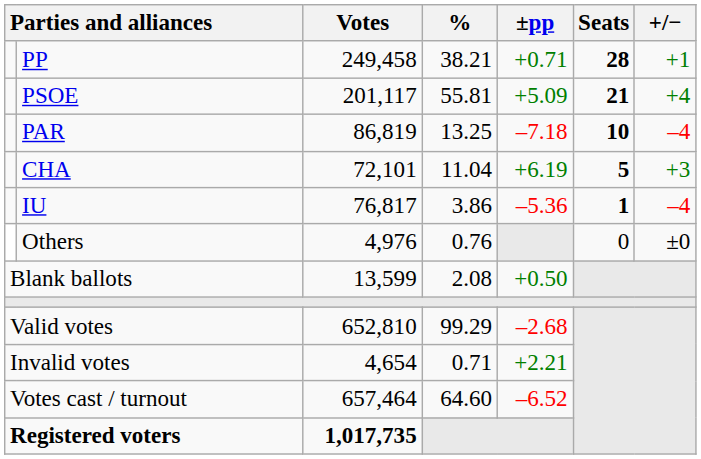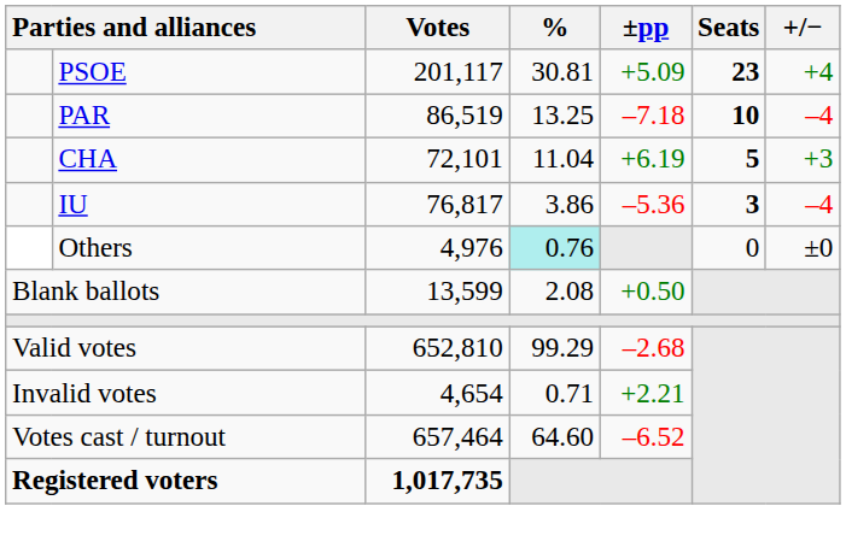 <table class="wikitable" style="text-align:right;">
 <tr>
 <th style="text-align:left;" colspan="2" width="200">Parties and alliances</th>
 <th width="75">Votes</th>
 <th width="45">%</th>
 <th width="45">±<a href='#'>pp</a></th>
 <th width="35">Seats</th>
 <th width="35">+/−</th>
 </tr>
 <tr>
-<td width="1" style="color:inherit;background:"></td>
-<td align="left"><a href='#'>PP</a></td>
-<td>249,458</td>
-<td>38.21</td>
-<td style="color:green;">+0.71</td>
-<td><strong>28</strong></td>
-<td style="color:green;">+1</td>
-</tr>
-<tr>
 <td style="color:inherit;background:"></td>
 <td align="left"><a href='#'>PSOE</a></td>
 <td>201,117</td>
-<td>55.81</td>
+<td>30.81</td>
 <td style="color:green;">+5.09</td>
-<td><strong>21</strong></td>
+<td><strong>23</strong></td>
 <td style="color:green;">+4</td>
 </tr>
 <tr>
 <td style="color:inherit;background:"></td>
 <td align="left"><a href='#'>PAR</a></td>
-<td>86,819</td>
+<td>86,519</td>
 <td>13.25</td>
 <td style="color:red;">–7.18</td>
 <td><strong>10</strong></td>
 <td style="color:red;">–4</td>
 </tr>
 <tr>
 <td style="color:inherit;background:"></td>
 <td align="left"><a href='#'>CHA</a></td>
 <td>72,101</td>
 <td>11.04</td>
 <td style="color:green;">+6.19</td>
 <td><strong>5</strong></td>
 <td style="color:green;">+3</td>
 </tr>
 <tr>
 <td style="color:inherit;background:"></td>
 <td align="left"><a href='#'>IU</a></td>
 <td>76,817</td>
 <td>3.86</td>
 <td style="color:red;">–5.36</td>
-<td><strong>1</strong></td>
+<td><strong>3</strong></td>
 <td style="color:red;">–4</td>
 </tr>
 <tr>
 <td bgcolor="white"></td>
 <td align="left">Others</td>
 <td>4,976</td>
-<td>0.76</td>
+<td style="background: paleturquoise;">0.76</td>
 <td bgcolor="#E9E9E9"></td>
 <td>0</td>
 <td>±0</td>
 </tr>
 <tr>
 <td align="left" colspan="2">Blank ballots</td>
 <td>13,599</td>
 <td>2.08</td>
 <td style="color:green;">+0.50</td>
 <td bgcolor="#E9E9E9" colspan="2"></td>
 </tr>
 <tr>
 <td colspan="7" bgcolor="#E9E9E9"></td>
 </tr>
 <tr>
 <td align="left" colspan="2">Valid votes</td>
 <td>652,810</td>
 <td>99.29</td>
 <td style="color:red;">–2.68</td>
 <td bgcolor="#E9E9E9" colspan="2" rowspan="4"></td>
 </tr>
 <tr>
 <td align="left" colspan="2">Invalid votes</td>
 <td>4,654</td>
 <td>0.71</td>
 <td style="color:green;">+2.21</td>
 </tr>
 <tr>
 <td align="left" colspan="2">Votes cast / turnout</td>
 <td>657,464</td>
 <td>64.60</td>
 <td style="color:red;">–6.52</td>
 </tr>
 <tr style="font-weight:bold;">
 <td align="left" colspan="2">Registered voters</td>
 <td>1,017,735</td>
 <td bgcolor="#E9E9E9" colspan="2"></td>
 </tr>
 </table>
